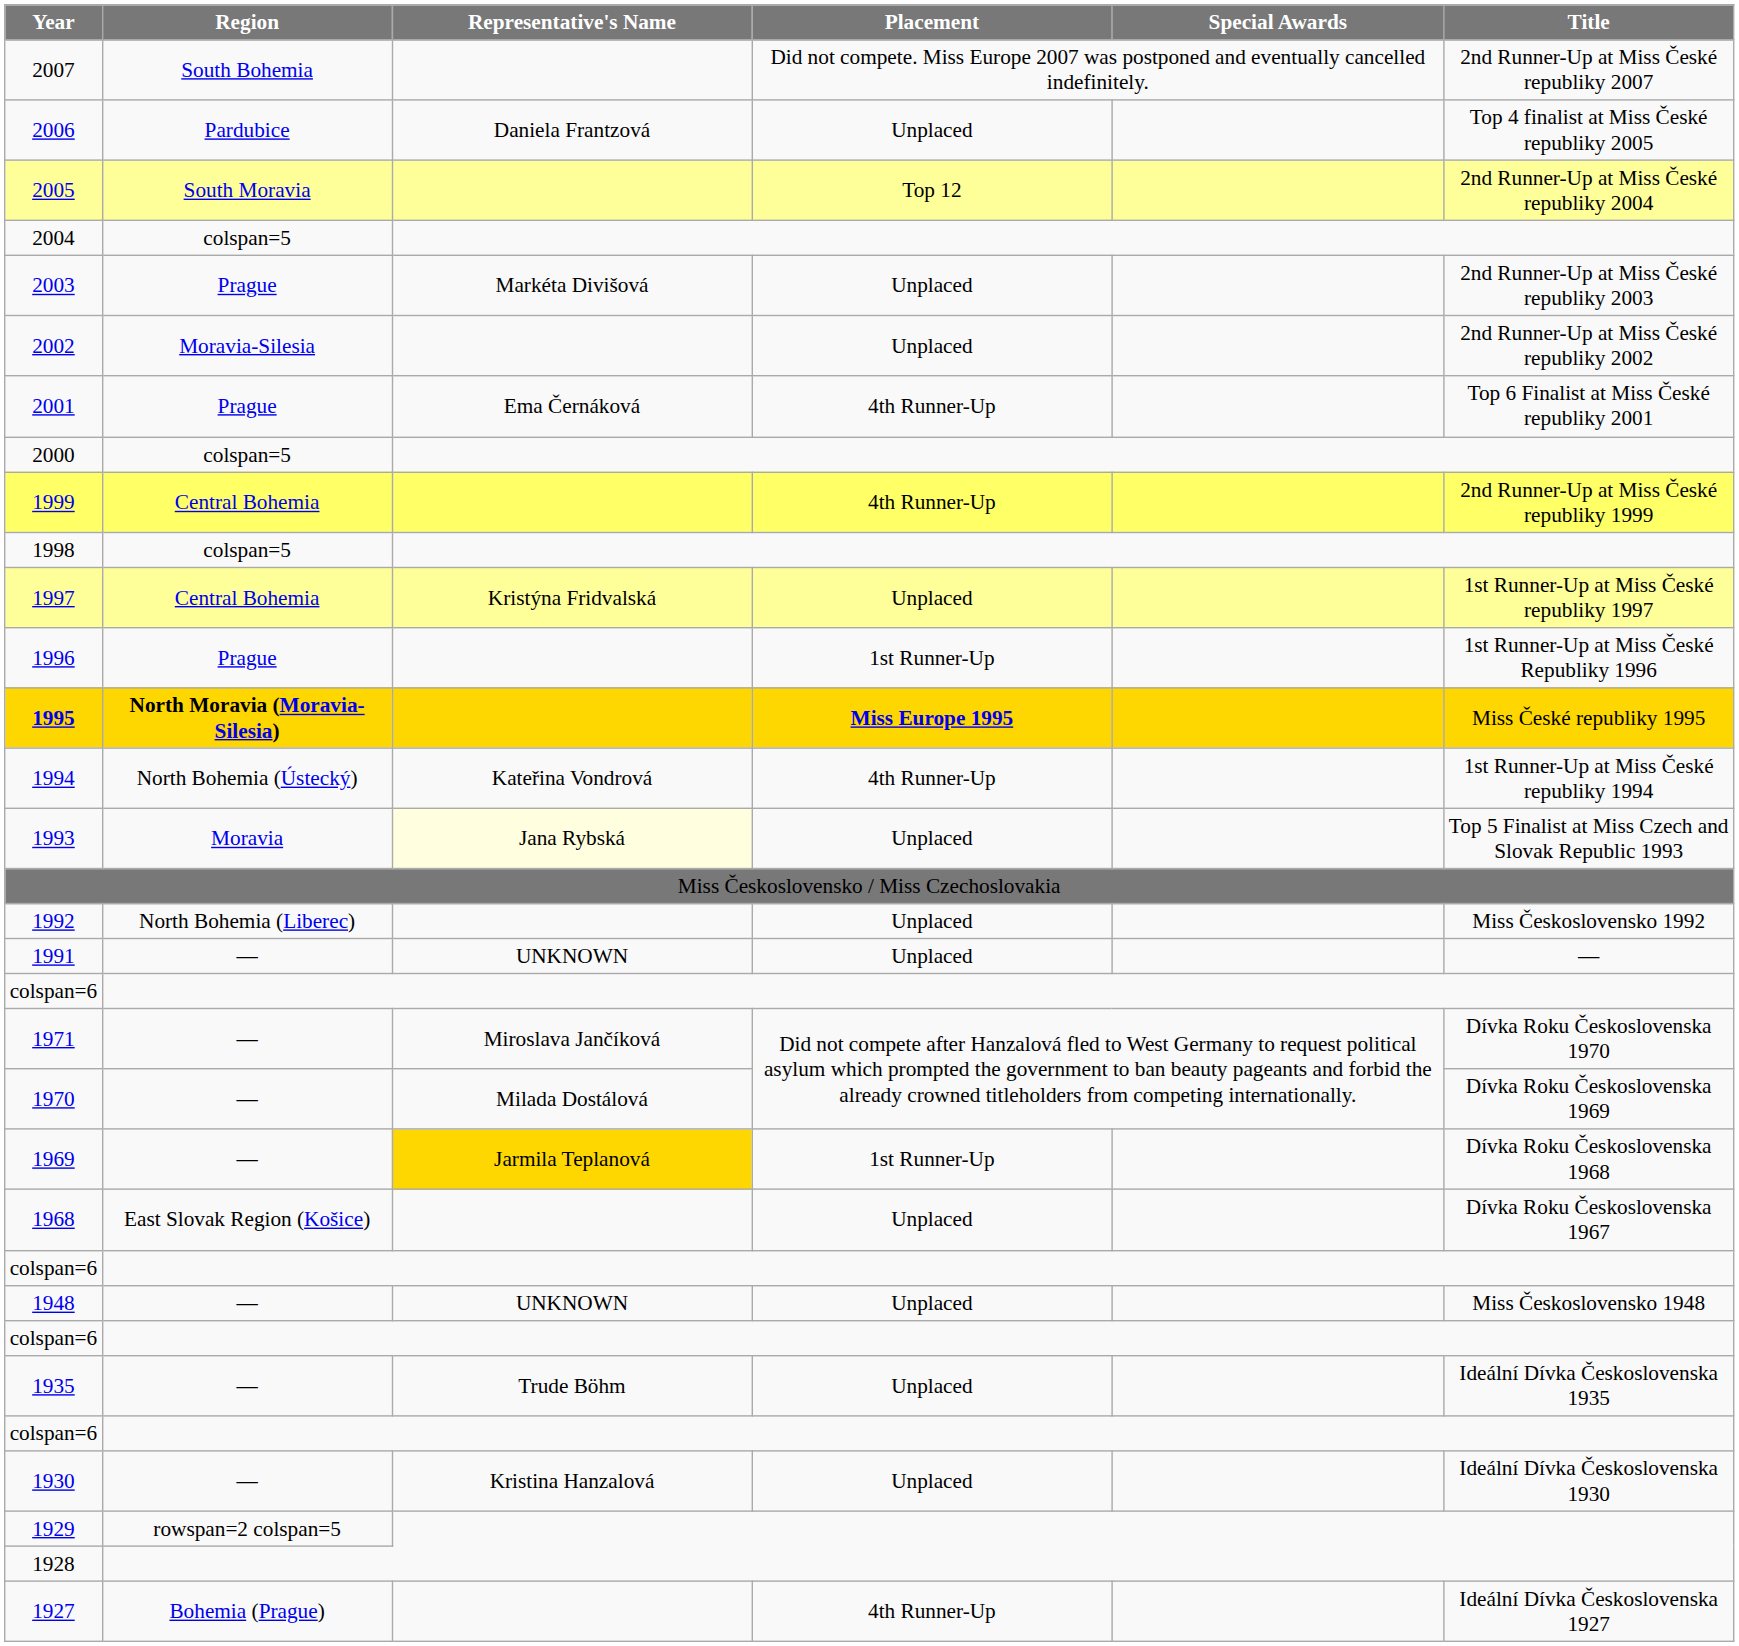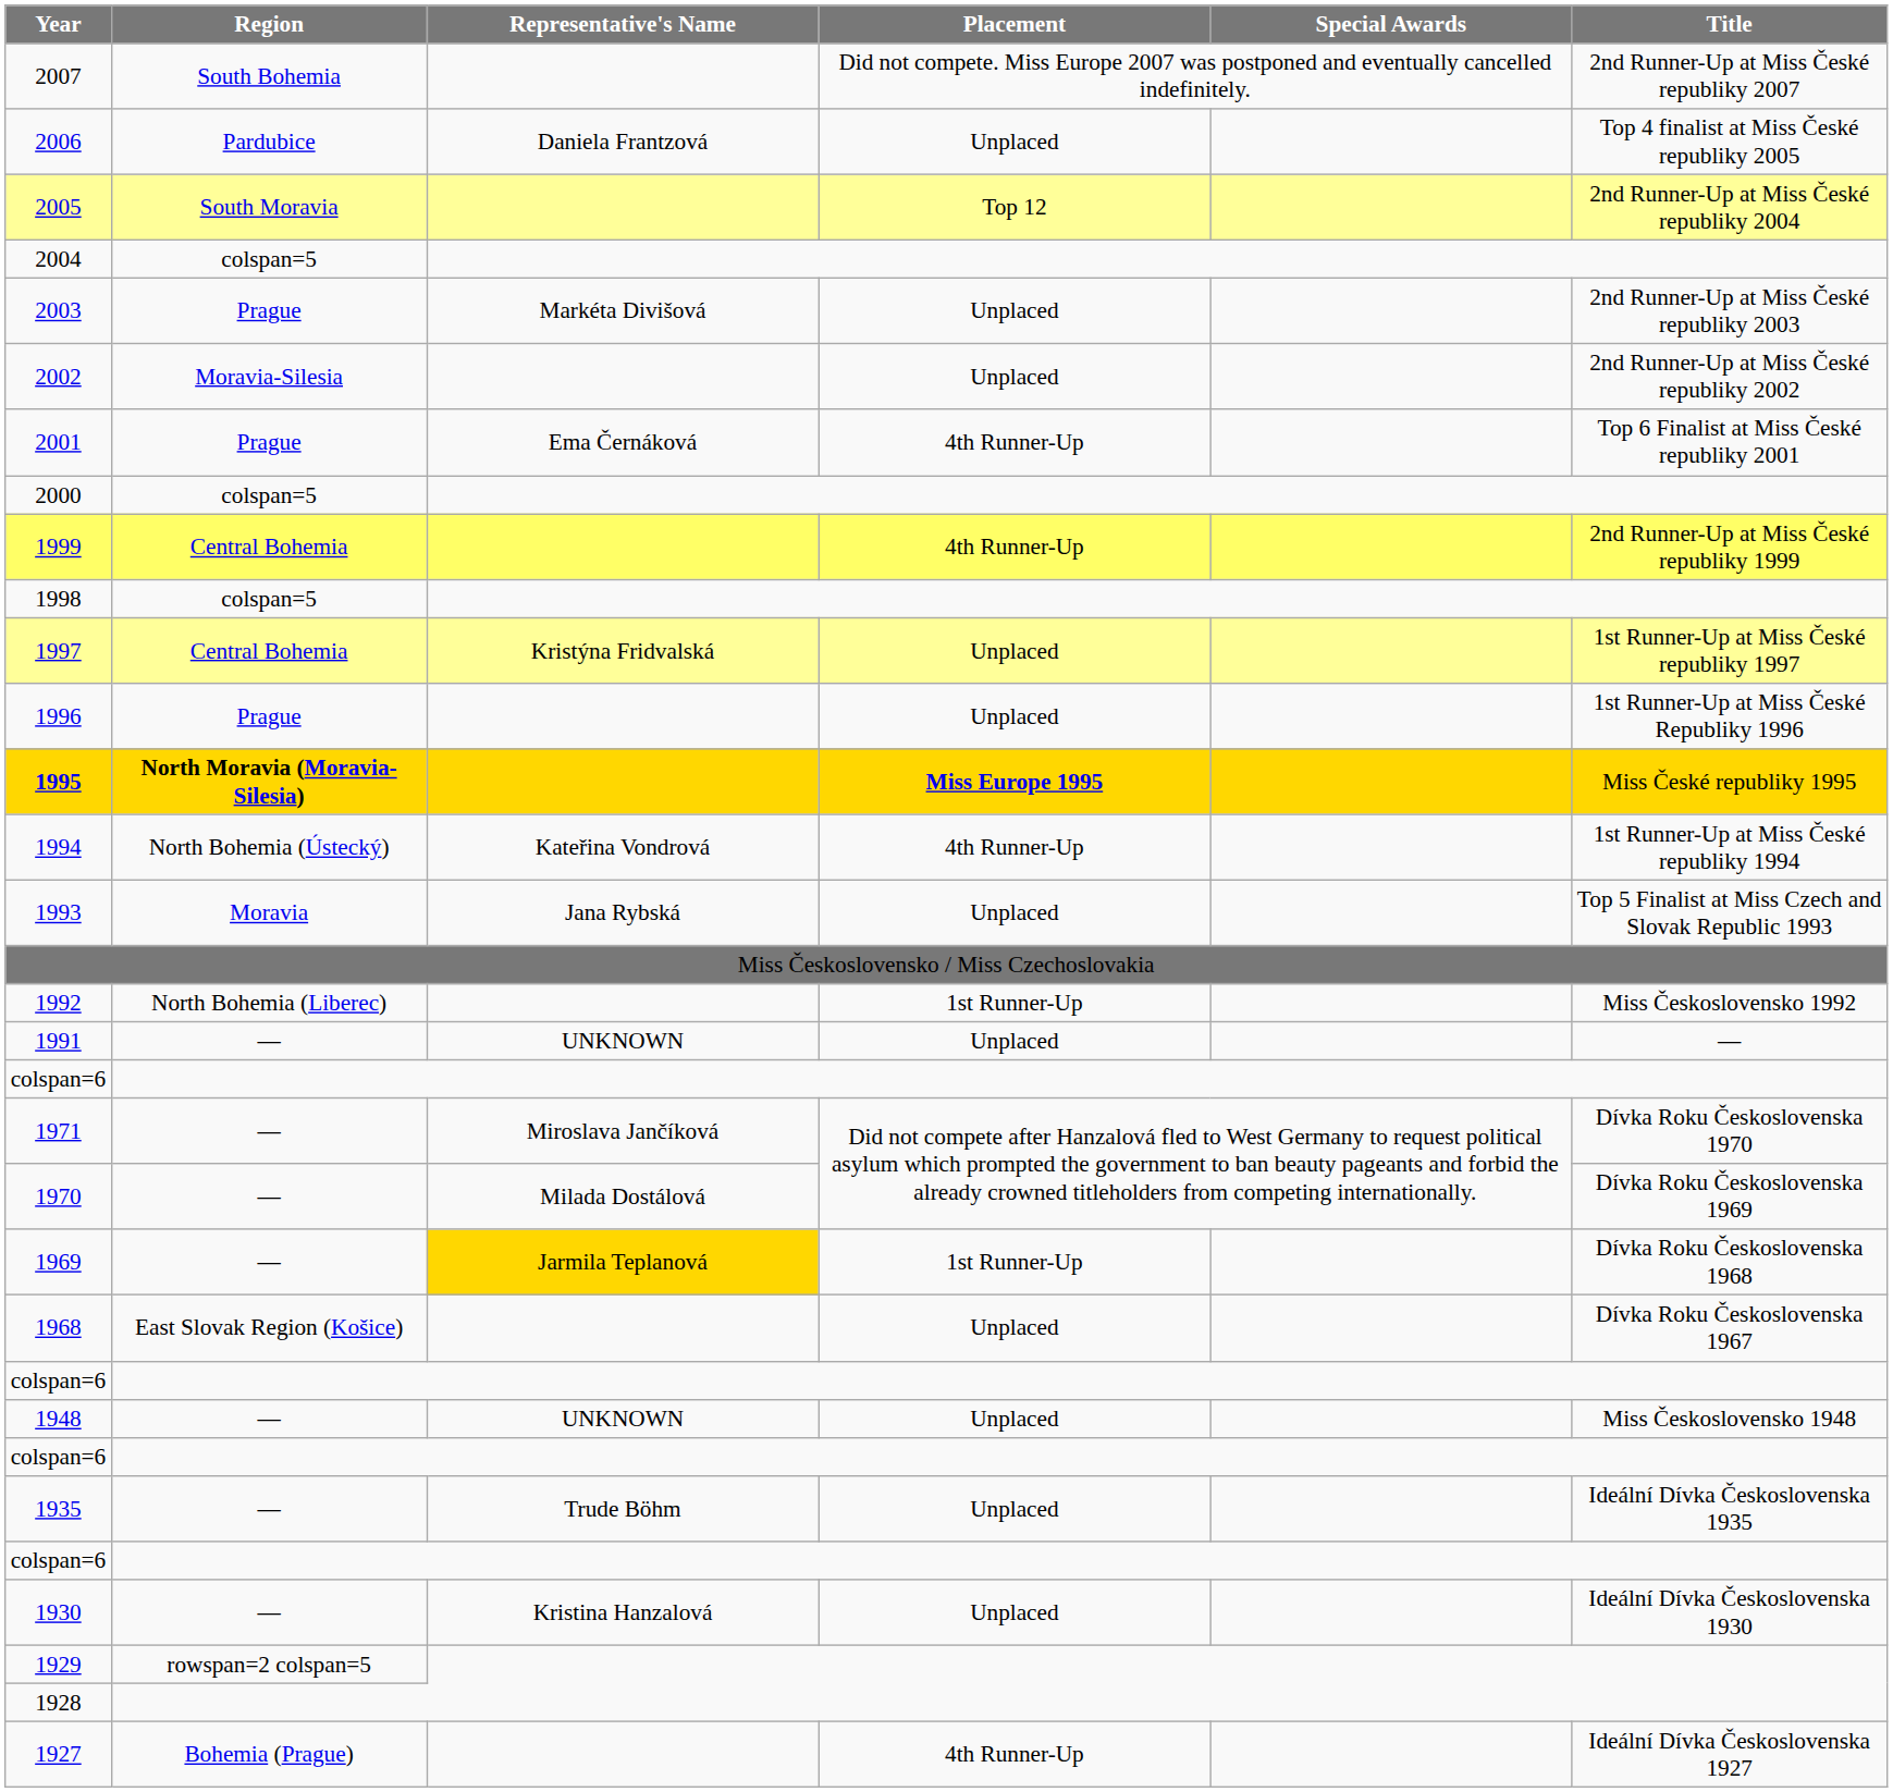 <table class="wikitable sortable" style="font-size: 95%; text-align:center">
 <tr>
 <th width="60" style="background-color:#787878;color:#FFFFFF;">Year</th>
 <th width="200" style="background-color:#787878;color:#FFFFFF;">Region</th>
 <th width="250" style="background-color:#787878;color:#FFFFFF;">Representative's Name</th>
 <th width="250" style="background-color:#787878;color:#FFFFFF;">Placement</th>
 <th width="230" style="background-color:#787878;color:#FFFFFF;">Special Awards</th>
 <th width="200" style="background-color:#787878;color:#FFFFFF;">Title</th>
 </tr>
 <tr>
 <td>2007</td>
 <td><a href='#'>South Bohemia</a></td>
 <td></td>
 <td colspan=2 align=center>Did not compete. Miss Europe 2007 was postponed and eventually cancelled indefinitely.</td>
 <td>2nd Runner-Up at Miss České republiky 2007</td>
 </tr>
 <tr>
 <td><a href='#'>2006</a></td>
 <td><a href='#'>Pardubice</a></td>
 <td>Daniela Frantzová</td>
 <td>Unplaced</td>
 <td></td>
 <td>Top 4 finalist at Miss České republiky 2005</td>
 </tr>
 <tr style="background-color:#FFFF99;">
 <td><a href='#'>2005</a></td>
 <td><a href='#'>South Moravia</a></td>
 <td></td>
 <td>Top 12</td>
 <td></td>
 <td>2nd Runner-Up at Miss České republiky 2004</td>
 </tr>
 <tr>
 <td>2004</td>
 <td>colspan=5 </td>
 </tr>
 <tr>
 <td><a href='#'>2003</a></td>
 <td><a href='#'>Prague</a></td>
 <td>Markéta Divišová</td>
 <td>Unplaced</td>
 <td></td>
 <td>2nd Runner-Up at Miss České republiky 2003</td>
 </tr>
 <tr>
 <td><a href='#'>2002</a></td>
 <td><a href='#'>Moravia-Silesia</a></td>
 <td></td>
 <td>Unplaced</td>
 <td></td>
 <td>2nd Runner-Up at Miss České republiky 2002</td>
 </tr>
 <tr>
 <td><a href='#'>2001</a></td>
 <td><a href='#'>Prague</a></td>
 <td>Ema Černáková</td>
 <td>4th Runner-Up</td>
 <td></td>
 <td>Top 6 Finalist at Miss České republiky 2001</td>
 </tr>
 <tr>
 <td>2000</td>
 <td>colspan=5 </td>
 </tr>
 <tr style="background-color:#FFFF66;">
 <td><a href='#'>1999</a></td>
 <td><a href='#'>Central Bohemia</a></td>
 <td></td>
 <td>4th Runner-Up</td>
 <td></td>
 <td>2nd Runner-Up at Miss České republiky 1999</td>
 </tr>
 <tr>
 <td>1998</td>
 <td>colspan=5 </td>
 </tr>
 <tr style="background-color:#FFFF99;">
 <td><a href='#'>1997</a></td>
 <td><a href='#'>Central Bohemia</a></td>
 <td>Kristýna Fridvalská</td>
 <td>Unplaced</td>
 <td></td>
 <td>1st Runner-Up at Miss České republiky 1997</td>
 </tr>
 <tr>
 <td><a href='#'>1996</a></td>
 <td><a href='#'>Prague</a></td>
 <td></td>
-<td>1st Runner-Up</td>
+<td>Unplaced</td>
 <td></td>
 <td>1st Runner-Up at Miss České Republiky 1996</td>
 </tr>
 <tr style="background-color:GOLD;">
 <td><strong><a href='#'>1995</a></strong></td>
 <td><strong>North Moravia (<a href='#'>Moravia-Silesia</a>)</strong></td>
 <td><strong></strong></td>
 <td><strong><a href='#'>Miss Europe 1995</a></strong></td>
 <td></td>
 <td>Miss České republiky 1995</td>
 </tr>
 <tr>
 <td><a href='#'>1994</a></td>
 <td>North Bohemia (<a href='#'>Ústecký</a>)</td>
 <td>Kateřina Vondrová</td>
 <td>4th Runner-Up</td>
 <td></td>
 <td>1st Runner-Up at Miss České republiky 1994</td>
 </tr>
 <tr>
 <td><a href='#'>1993</a></td>
 <td><a href='#'>Moravia</a></td>
-<td style="background: lightyellow;">Jana Rybská</td>
+<td>Jana Rybská</td>
 <td>Unplaced</td>
 <td></td>
 <td>Top 5 Finalist at Miss Czech and Slovak Republic 1993</td>
 </tr>
 <tr bgcolor="#787878" align="center">
 <td colspan="6"><span>Miss Československo / Miss Czechoslovakia</span></td>
 </tr>
 <tr>
 <td><a href='#'>1992</a></td>
 <td>North Bohemia (<a href='#'>Liberec</a>)</td>
 <td></td>
-<td>Unplaced</td>
+<td>1st Runner-Up</td>
 <td></td>
 <td>Miss Československo 1992</td>
 </tr>
 <tr>
 <td><a href='#'>1991</a></td>
 <td>—</td>
 <td>UNKNOWN</td>
 <td>Unplaced</td>
 <td></td>
 <td>—</td>
 </tr>
 <tr>
 <td>colspan=6 </td>
 </tr>
 <tr>
 <td><a href='#'>1971</a></td>
 <td>—</td>
 <td>Miroslava Jančíková</td>
 <td rowspan=2 colspan=2 align=center>Did not compete after Hanzalová fled to West Germany to request political asylum which prompted the government to ban beauty pageants and forbid the already crowned titleholders from competing internationally.</td>
 <td>Dívka Roku Československa 1970</td>
 </tr>
 <tr>
 <td><a href='#'>1970</a></td>
 <td>—</td>
 <td>Milada Dostálová</td>
 <td>Dívka Roku Československa 1969</td>
 </tr>
 <tr>
 <td><a href='#'>1969</a></td>
 <td>—</td>
 <td style="background: gold;">Jarmila Teplanová</td>
 <td>1st Runner-Up</td>
 <td></td>
 <td>Dívka Roku Československa 1968</td>
 </tr>
 <tr>
 <td><a href='#'>1968</a></td>
 <td>East Slovak Region (<a href='#'>Košice</a>)</td>
 <td></td>
 <td>Unplaced</td>
 <td></td>
 <td>Dívka Roku Československa 1967</td>
 </tr>
 <tr>
 <td>colspan=6 </td>
 </tr>
 <tr>
 <td><a href='#'>1948</a></td>
 <td>—</td>
 <td>UNKNOWN</td>
 <td>Unplaced</td>
 <td></td>
 <td>Miss Československo 1948</td>
 </tr>
 <tr>
 <td>colspan=6 </td>
 </tr>
 <tr>
 <td><a href='#'>1935</a></td>
 <td>—</td>
 <td>Trude Böhm</td>
 <td>Unplaced</td>
 <td></td>
 <td>Ideální Dívka Československa 1935</td>
 </tr>
 <tr>
 <td>colspan=6 </td>
 </tr>
 <tr>
 <td><a href='#'>1930</a></td>
 <td>—</td>
 <td>Kristina Hanzalová</td>
 <td>Unplaced</td>
 <td></td>
 <td>Ideální Dívka Československa 1930</td>
 </tr>
 <tr>
 <td><a href='#'>1929</a></td>
 <td>rowspan=2 colspan=5 </td>
 </tr>
 <tr>
 <td>1928</td>
 </tr>
 <tr>
 <td><a href='#'>1927</a></td>
 <td><a href='#'>Bohemia</a> (<a href='#'>Prague</a>)</td>
 <td></td>
 <td>4th Runner-Up</td>
 <td></td>
 <td>Ideální Dívka Československa 1927</td>
 </tr>
 </table>
